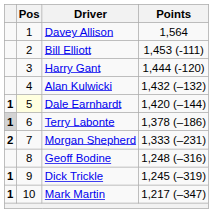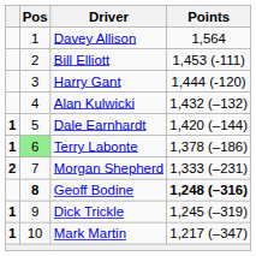 <table class="wikitable" style="font-size: 95%;">
 <tr>
 <th></th>
 <th>Pos</th>
 <th>Driver</th>
 <th>Points</th>
 </tr>
 <tr>
 <td align="left"></td>
 <td style="text-align:center;">1</td>
 <td><a href='#'>Davey Allison</a></td>
 <td style="text-align:center;">1,564</td>
 </tr>
 <tr>
 <td align="left"></td>
 <td style="text-align:center;">2</td>
 <td><a href='#'>Bill Elliott</a></td>
 <td style="text-align:center;">1,453 (-111)</td>
 </tr>
 <tr>
 <td align="left"></td>
 <td style="text-align:center;">3</td>
 <td><a href='#'>Harry Gant</a></td>
 <td style="text-align:center;">1,444 (-120)</td>
 </tr>
 <tr>
 <td align="left"></td>
 <td style="text-align:center;">4</td>
 <td><a href='#'>Alan Kulwicki</a></td>
 <td style="text-align:center;">1,432 (–132)</td>
 </tr>
 <tr>
 <td align="left"> <strong>1</strong></td>
-<td style="background: lightyellow; text-align:center;">5</td>
+<td style="text-align:center;">5</td>
 <td><a href='#'>Dale Earnhardt</a></td>
 <td style="text-align:center;">1,420 (–144)</td>
 </tr>
 <tr>
-<td align="left" style="background: lightgrey;"> <strong>1</strong></td>
-<td style="text-align:center;">6</td>
+<td align="left"> <strong>1</strong></td>
+<td style="background: lightgreen; text-align:center;">6</td>
 <td><a href='#'>Terry Labonte</a></td>
 <td style="text-align:center;">1,378 (–186)</td>
 </tr>
 <tr>
 <td align="left"> <strong>2</strong></td>
 <td style="text-align:center;">7</td>
 <td><a href='#'>Morgan Shepherd</a></td>
 <td style="text-align:center;">1,333 (–231)</td>
 </tr>
 <tr>
 <td align="left"></td>
-<td style="text-align:center;">8</td>
+<td style="text-align:center;"><strong>8</strong></td>
 <td><a href='#'>Geoff Bodine</a></td>
-<td style="text-align:center;">1,248 (–316)</td>
+<td style="text-align:center;"><strong>1,248 (–316)</strong></td>
 </tr>
 <tr>
 <td align="left"> <strong>1</strong></td>
 <td style="text-align:center;">9</td>
 <td><a href='#'>Dick Trickle</a></td>
 <td style="text-align:center;">1,245 (–319)</td>
 </tr>
 <tr>
 <td align="left"> <strong>1</strong></td>
 <td style="text-align:center;">10</td>
 <td><a href='#'>Mark Martin</a></td>
 <td style="text-align:center;">1,217 (–347)</td>
 </tr>
 <tr class="sortbottom">
 <th colspan="9"></th>
 </tr>
 </table>
